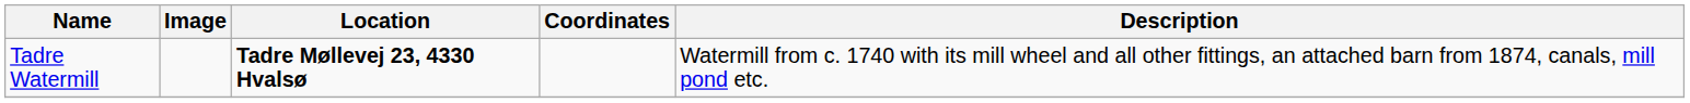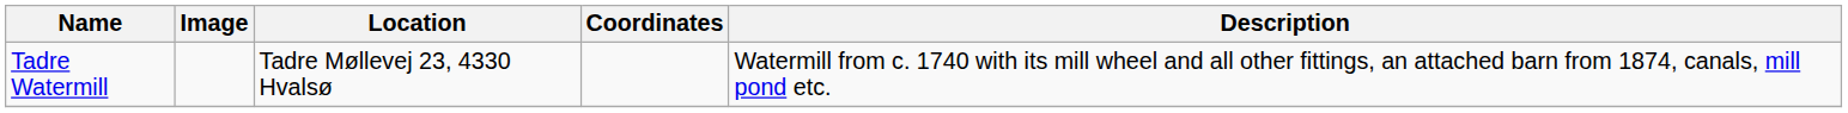 <table class="wikitable sortable">
 <tr>
 <th>Name</th>
 <th>Image</th>
 <th>Location</th>
 <th>Coordinates</th>
 <th>Description</th>
 </tr>
 <tr>
 <td><a href='#'>Tadre Watermill</a></td>
 <td></td>
-<td><strong>Tadre Møllevej 23, 4330 Hvalsø</strong></td>
+<td>Tadre Møllevej 23, 4330 Hvalsø</td>
 <td></td>
 <td>Watermill from c. 1740 with its mill wheel and all other fittings, an attached barn from 1874, canals, <a href='#'>mill pond</a> etc.</td>
 </tr>
 <tr>
 </tr>
 </table>
